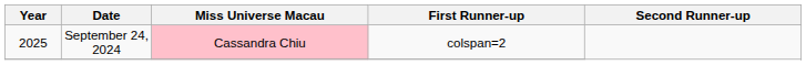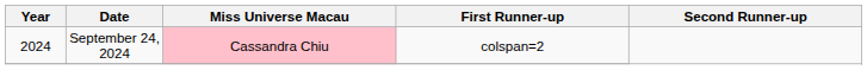 <table class="wikitable sortable" style="font-size: 95%; text-align:center">
 <tr>
 <th width="60">Year</th>
 <th width="100">Date</th>
 <th width="250">Miss Universe Macau</th>
 <th width="250">First Runner-up</th>
 <th width="250">Second Runner-up</th>
 </tr>
 <tr>
-<td>2025</td>
+<td>2024</td>
 <td>September 24, 2024</td>
 <td style="background: pink;">Cassandra Chiu</td>
 <td>colspan=2 </td>
 </tr>
 <tr>
 </tr>
 </table>
